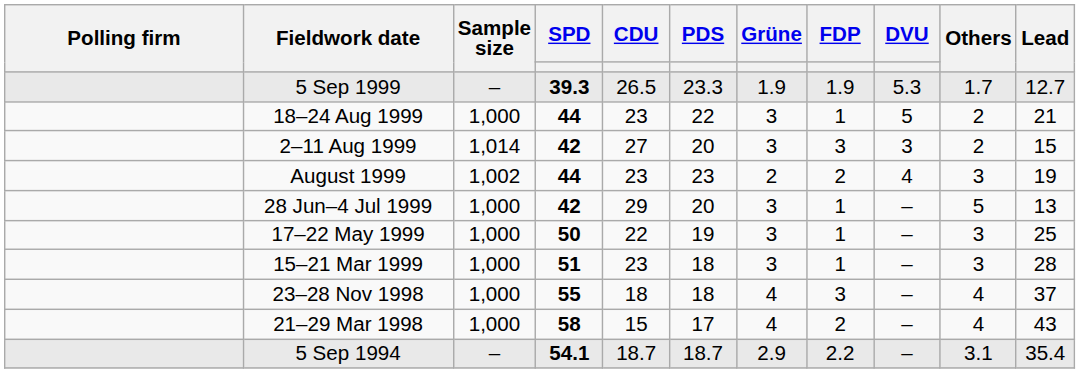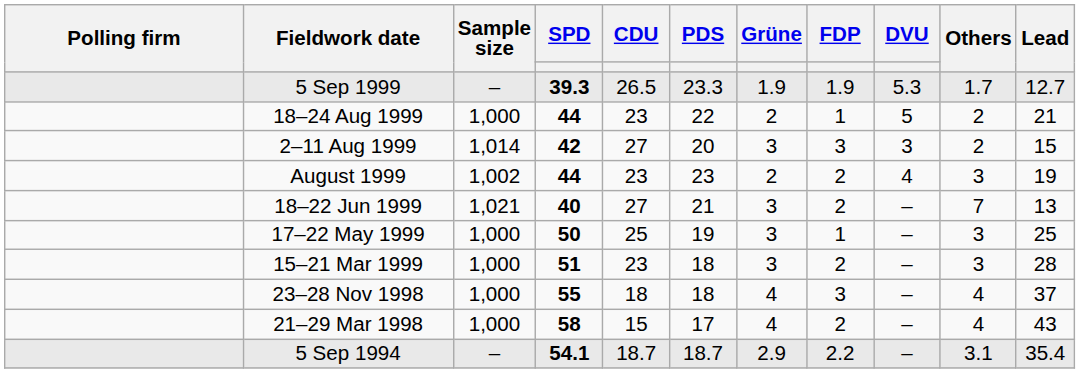 <table class="wikitable sortable" style="text-align:center;font-size:90%;line-height:14px;">
 <tr style="height:40px;">
 <th style="width:160px;" rowspan="2">Polling firm</th>
 <th style="width:140px;" rowspan="2">Fieldwork date</th>
 <th style="width:35px;" rowspan="2">Sample<br>size</th>
 <th class="unsortable" style="width:40px;"><a href='#'>SPD</a></th>
 <th class="unsortable" style="width:40px;"><a href='#'>CDU</a></th>
 <th class="unsortable" style="width:40px;"><a href='#'>PDS</a></th>
 <th class="unsortable" style="width:40px;"><a href='#'>Grüne</a></th>
 <th class="unsortable" style="width:40px;"><a href='#'>FDP</a></th>
 <th class="unsortable" style="width:40px;"><a href='#'>DVU</a></th>
 <th class="unsortable" style="width:40px;" rowspan="2">Others</th>
 <th style="width:30px;" rowspan="2">Lead</th>
 </tr>
 <tr>
 <th style="background:"></th>
 <th style="background:"></th>
 <th style="background:"></th>
 <th style="background:"></th>
 <th style="background:"></th>
 <th style="background:"></th>
 </tr>
 <tr style="background:#E9E9E9;">
 <td></td>
 <td data-sort-value="1999-09-05">5 Sep 1999</td>
 <td>–</td>
 <td><strong>39.3</strong></td>
 <td>26.5</td>
 <td>23.3</td>
 <td>1.9</td>
 <td>1.9</td>
 <td>5.3</td>
 <td>1.7</td>
 <td style="background:">12.7</td>
 </tr>
 <tr>
 <td></td>
 <td data-sort-value="1999-08-27">18–24 Aug 1999</td>
 <td>1,000</td>
 <td><strong>44</strong></td>
 <td>23</td>
 <td>22</td>
-<td>3</td>
+<td>2</td>
 <td>1</td>
 <td>5</td>
 <td>2</td>
 <td style="background:">21</td>
 </tr>
 <tr>
 <td></td>
 <td data-sort-value="1999-08-18">2–11 Aug 1999</td>
 <td>1,014</td>
 <td><strong>42</strong></td>
 <td>27</td>
 <td>20</td>
 <td>3</td>
 <td>3</td>
 <td>3</td>
 <td>2</td>
 <td style="background:">15</td>
 </tr>
 <tr>
 <td></td>
 <td data-sort-value="1999-08-12">August 1999</td>
 <td>1,002</td>
 <td><strong>44</strong></td>
 <td>23</td>
 <td>23</td>
 <td>2</td>
 <td>2</td>
 <td>4</td>
 <td>3</td>
 <td style="background:">19</td>
 </tr>
 <tr>
 <td></td>
-<td data-sort-value="1999-07-09">28 Jun–4 Jul 1999</td>
-<td>1,000</td>
-<td><strong>42</strong></td>
-<td>29</td>
-<td>20</td>
+<td data-sort-value="1999-06-26">18–22 Jun 1999</td>
+<td>1,021</td>
+<td><strong>40</strong></td>
+<td>27</td>
+<td>21</td>
 <td>3</td>
-<td>1</td>
+<td>2</td>
 <td>–</td>
-<td>5</td>
+<td>7</td>
 <td style="background:">13</td>
 </tr>
 <tr>
 <td></td>
 <td data-sort-value="1999-05-29">17–22 May 1999</td>
 <td>1,000</td>
 <td><strong>50</strong></td>
-<td>22</td>
+<td>25</td>
 <td>19</td>
 <td>3</td>
 <td>1</td>
 <td>–</td>
 <td>3</td>
 <td style="background:">25</td>
 </tr>
 <tr>
 <td></td>
 <td data-sort-value="1999-03-23">15–21 Mar 1999</td>
 <td>1,000</td>
 <td><strong>51</strong></td>
 <td>23</td>
 <td>18</td>
 <td>3</td>
-<td>1</td>
+<td>2</td>
 <td>–</td>
 <td>3</td>
 <td style="background:">28</td>
 </tr>
 <tr>
 <td></td>
 <td data-sort-value="1998-12-04">23–28 Nov 1998</td>
 <td>1,000</td>
 <td><strong>55</strong></td>
 <td>18</td>
 <td>18</td>
 <td>4</td>
 <td>3</td>
 <td>–</td>
 <td>4</td>
 <td style="background:">37</td>
 </tr>
 <tr>
 <td></td>
 <td data-sort-value="1998-04-07">21–29 Mar 1998</td>
 <td>1,000</td>
 <td><strong>58</strong></td>
 <td>15</td>
 <td>17</td>
 <td>4</td>
 <td>2</td>
 <td>–</td>
 <td>4</td>
 <td style="background:">43</td>
 </tr>
 <tr style="background:#E9E9E9;">
 <td></td>
 <td data-sort-value="1994-09-11">5 Sep 1994</td>
 <td>–</td>
 <td><strong>54.1</strong></td>
 <td>18.7</td>
 <td>18.7</td>
 <td>2.9</td>
 <td>2.2</td>
 <td>–</td>
 <td>3.1</td>
 <td style="background:">35.4</td>
 </tr>
 </table>
